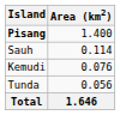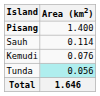 <table class="wikitable">
 <tr>
 <th>Island</th>
 <th>Area (km<sup>2</sup>)</th>
 </tr>
 <tr>
 <td><strong>Pisang</strong></td>
 <td align=right>1.400</td>
 </tr>
 <tr>
 <td>Sauh</td>
 <td align=right>0.114</td>
 </tr>
 <tr>
 <td>Kemudi</td>
 <td align=right>0.076</td>
 </tr>
 <tr>
 <td>Tunda</td>
-<td align=right>0.056</td>
+<td align=right style="background: paleturquoise;">0.056</td>
 </tr>
 <tr>
 <th>Total</th>
 <th>1.646</th>
 </tr>
 </table>
